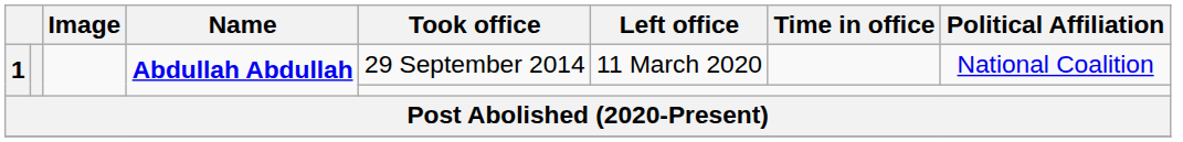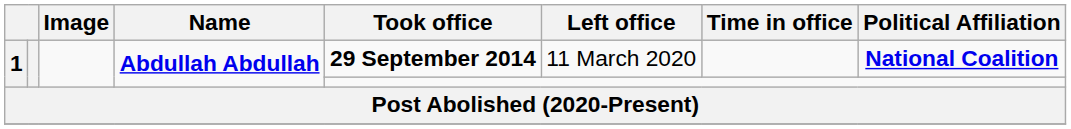 <table class="wikitable" style="align-center">
 <tr>
 <th colspan="2"></th>
 <th>Image</th>
 <th>Name<br></th>
 <th>Took office</th>
 <th>Left office</th>
 <th>Time in office</th>
 <th>Political Affiliation</th>
 </tr>
 <tr>
 <th rowspan="2">1</th>
 <th rowspan="2" style="background:"></th>
 <td rowspan="2" align=center></td>
 <td rowspan="2" align=center><strong><a href='#'>Abdullah Abdullah</a></strong><br></td>
-<td align="center">29 September 2014</td>
+<td align="center"><strong>29 September 2014</strong></td>
 <td align="center">11 March 2020</td>
 <td align="center"></td>
-<td align="center"><a href='#'>National Coalition</a></td>
+<td align="center"><strong><a href='#'>National Coalition</a></strong></td>
 </tr>
 <tr>
 <td colspan="4" align=left></td>
 </tr>
 <tr>
 <th colspan="8"><strong>Post Abolished (2020-Present)</strong></th>
 </tr>
 <tr>
 </tr>
 </table>
